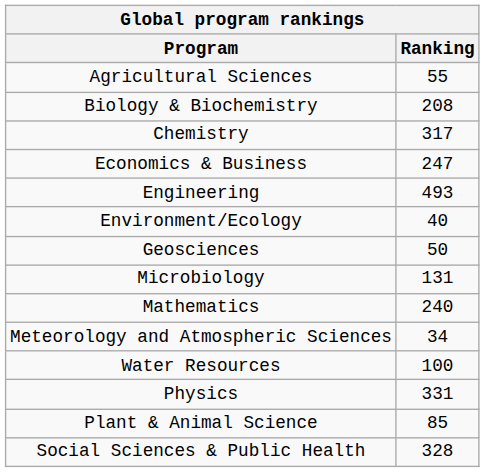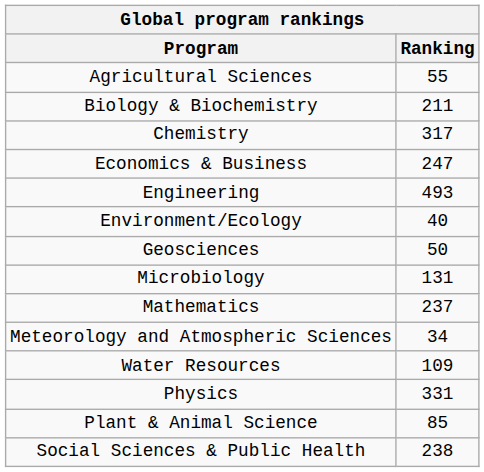 <table class="wikitable sortable collapsible collapsed" style="float:right; text-align:center">
 <tr>
 <th colspan=4>Global program rankings</th>
 </tr>
 <tr>
 <th>Program</th>
 <th>Ranking</th>
 </tr>
 <tr>
 <td>Agricultural Sciences</td>
 <td>55</td>
 </tr>
 <tr>
 <td>Biology & Biochemistry</td>
-<td>208</td>
+<td>211</td>
 </tr>
 <tr>
 <td>Chemistry</td>
 <td>317</td>
 </tr>
 <tr>
 <td>Economics & Business</td>
 <td>247</td>
 </tr>
 <tr>
 <td>Engineering</td>
 <td>493</td>
 </tr>
 <tr>
 <td>Environment/Ecology</td>
 <td>40</td>
 </tr>
 <tr>
 <td>Geosciences</td>
 <td>50</td>
 </tr>
 <tr>
 <td>Microbiology</td>
 <td>131</td>
 </tr>
 <tr>
 <td>Mathematics</td>
-<td>240</td>
+<td>237</td>
 </tr>
 <tr>
 <td>Meteorology and Atmospheric Sciences</td>
 <td>34</td>
 </tr>
 <tr>
 <td>Water Resources</td>
-<td>100</td>
+<td>109</td>
 </tr>
 <tr>
 <td>Physics</td>
 <td>331</td>
 </tr>
 <tr>
 <td>Plant & Animal Science</td>
 <td>85</td>
 </tr>
 <tr>
 <td>Social Sciences & Public Health</td>
-<td>328</td>
+<td>238</td>
 </tr>
 </table>
